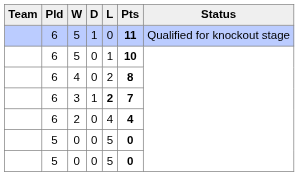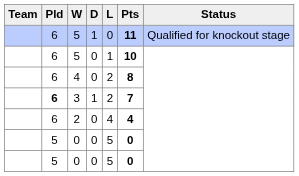 <table style=border-collapse:collapse border=1 cellspacing=0 cellpadding=5>
 <tr align=center bgcolor=#efefef>
 <th>Team</th>
 <th>Pld</th>
 <th>W</th>
 <th>D</th>
 <th>L</th>
 <th>Pts</th>
 <th>Status</th>
 </tr>
 <tr align=center style="background:#bbccff;">
 <td style="text-align:left;"> </td>
 <td>6</td>
 <td>5</td>
 <td>1</td>
 <td>0</td>
 <td><strong>11</strong></td>
 <td rowspan=1>Qualified for knockout stage</td>
 </tr>
 <tr align=center style="background:#FFFFFF;">
 <td style="text-align:left;"> </td>
 <td>6</td>
 <td>5</td>
 <td>0</td>
 <td>1</td>
 <td><strong>10</strong></td>
 <td rowspan=6></td>
 </tr>
 <tr align=center style="background:#FFFFFF;">
 <td style="text-align:left;"> </td>
 <td>6</td>
 <td>4</td>
 <td>0</td>
 <td>2</td>
 <td><strong>8</strong></td>
 </tr>
 <tr align=center style="background:#FFFFFF;">
 <td style="text-align:left;"> </td>
-<td>6</td>
+<td><strong>6</strong></td>
 <td>3</td>
 <td>1</td>
-<td><strong>2</strong></td>
+<td>2</td>
 <td><strong>7</strong></td>
 </tr>
 <tr align=center style="background:#FFFFFF;">
 <td style="text-align:left;"> </td>
 <td>6</td>
 <td>2</td>
 <td>0</td>
 <td>4</td>
 <td><strong>4</strong></td>
 </tr>
 <tr align=center style="background:#FFFFFF;">
 <td style="text-align:left;"> </td>
 <td>5</td>
 <td>0</td>
 <td>0</td>
 <td>5</td>
 <td><strong>0</strong></td>
 </tr>
 <tr align=center style="background:#FFFFFF;">
 <td style="text-align:left;"> </td>
 <td>5</td>
 <td>0</td>
 <td>0</td>
 <td>5</td>
 <td><strong>0</strong></td>
 </tr>
 </table>
